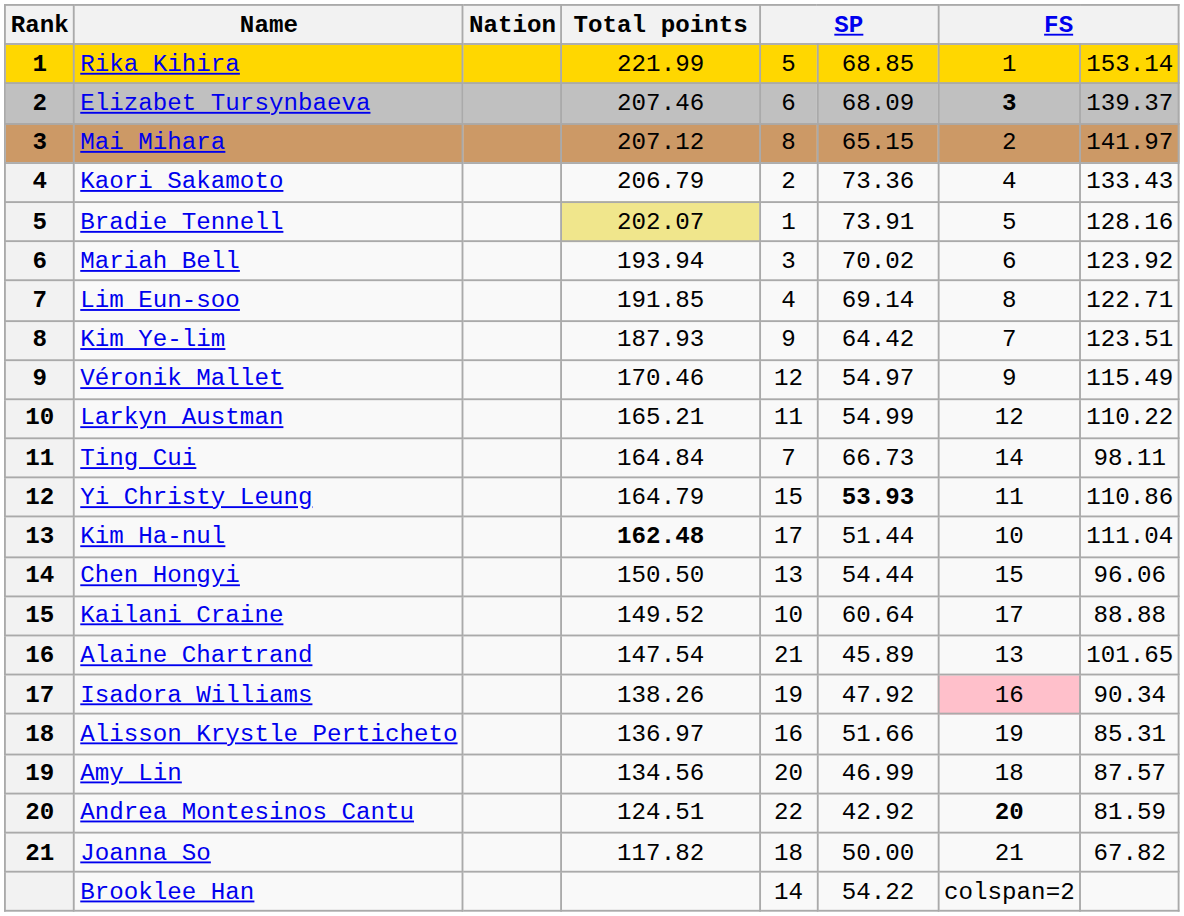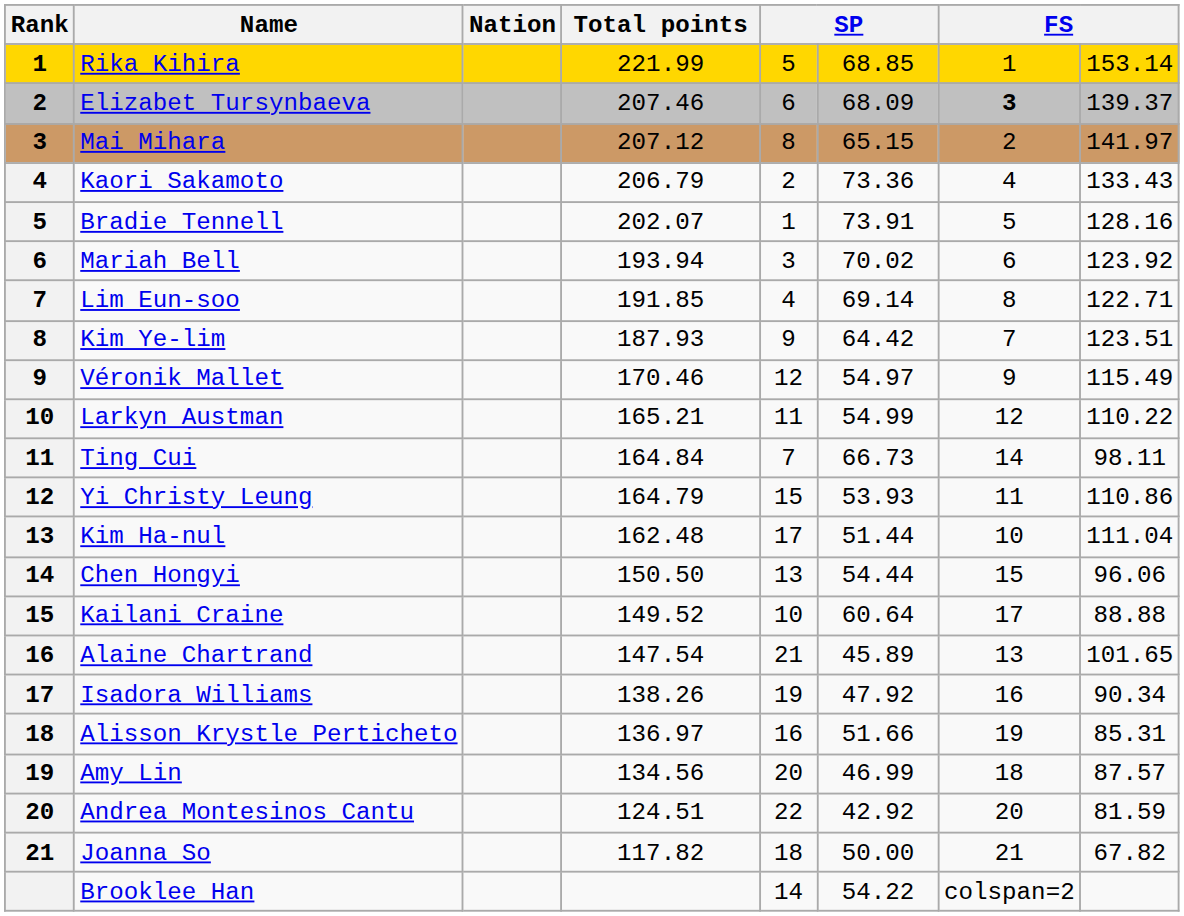 <table class="wikitable sortable">
 <tr>
 <th>Rank</th>
 <th>Name</th>
 <th>Nation</th>
 <th width="100px">Total points</th>
 <th colspan="2" width="90px"><a href='#'>SP</a></th>
 <th colspan="2" width="90px"><a href='#'>FS</a></th>
 </tr>
 <tr bgcolor="gold">
 <td align="center" bgcolor="gold"><strong>1</strong></td>
 <td><a href='#'>Rika Kihira</a></td>
 <td></td>
 <td align="center">221.99</td>
 <td align="center">5</td>
 <td align="center">68.85</td>
 <td align="center">1</td>
 <td align="center">153.14</td>
 </tr>
 <tr bgcolor="silver">
 <td align="center" bgcolor="silver"><strong>2</strong></td>
 <td><a href='#'>Elizabet Tursynbaeva</a></td>
 <td></td>
 <td align="center">207.46</td>
 <td align="center">6</td>
 <td align="center">68.09</td>
 <td align="center"><strong>3</strong></td>
 <td align="center">139.37</td>
 </tr>
 <tr bgcolor="#cc9966">
 <td align="center" bgcolor="#cc9966"><strong>3</strong></td>
 <td><a href='#'>Mai Mihara</a></td>
 <td></td>
 <td align="center">207.12</td>
 <td align="center">8</td>
 <td align="center">65.15</td>
 <td align="center">2</td>
 <td align="center">141.97</td>
 </tr>
 <tr>
 <th>4</th>
 <td><a href='#'>Kaori Sakamoto</a></td>
 <td></td>
 <td align="center">206.79</td>
 <td align="center">2</td>
 <td align="center">73.36</td>
 <td align="center">4</td>
 <td align="center">133.43</td>
 </tr>
 <tr>
 <th>5</th>
 <td><a href='#'>Bradie Tennell</a></td>
 <td></td>
-<td align="center" style="background: khaki;">202.07</td>
+<td align="center">202.07</td>
 <td align="center">1</td>
 <td align="center">73.91</td>
 <td align="center">5</td>
 <td align="center">128.16</td>
 </tr>
 <tr>
 <th>6</th>
 <td><a href='#'>Mariah Bell</a></td>
 <td></td>
 <td align="center">193.94</td>
 <td align="center">3</td>
 <td align="center">70.02</td>
 <td align="center">6</td>
 <td align="center">123.92</td>
 </tr>
 <tr>
 <th>7</th>
 <td><a href='#'>Lim Eun-soo</a></td>
 <td></td>
 <td align="center">191.85</td>
 <td align="center">4</td>
 <td align="center">69.14</td>
 <td align="center">8</td>
 <td align="center">122.71</td>
 </tr>
 <tr>
 <th>8</th>
 <td><a href='#'>Kim Ye-lim</a></td>
 <td></td>
 <td align="center">187.93</td>
 <td align="center">9</td>
 <td align="center">64.42</td>
 <td align="center">7</td>
 <td align="center">123.51</td>
 </tr>
 <tr>
 <th>9</th>
 <td><a href='#'>Véronik Mallet</a></td>
 <td></td>
 <td align="center">170.46</td>
 <td align="center">12</td>
 <td align="center">54.97</td>
 <td align="center">9</td>
 <td align="center">115.49</td>
 </tr>
 <tr>
 <th>10</th>
 <td><a href='#'>Larkyn Austman</a></td>
 <td></td>
 <td align="center">165.21</td>
 <td align="center">11</td>
 <td align="center">54.99</td>
 <td align="center">12</td>
 <td align="center">110.22</td>
 </tr>
 <tr>
 <th>11</th>
 <td><a href='#'>Ting Cui</a></td>
 <td></td>
 <td align="center">164.84</td>
 <td align="center">7</td>
 <td align="center">66.73</td>
 <td align="center">14</td>
 <td align="center">98.11</td>
 </tr>
 <tr>
 <th>12</th>
 <td><a href='#'>Yi Christy Leung</a></td>
 <td></td>
 <td align="center">164.79</td>
 <td align="center">15</td>
-<td align="center"><strong>53.93</strong></td>
+<td align="center">53.93</td>
 <td align="center">11</td>
 <td align="center">110.86</td>
 </tr>
 <tr>
 <th>13</th>
 <td><a href='#'>Kim Ha-nul</a></td>
 <td></td>
-<td align="center"><strong>162.48</strong></td>
+<td align="center">162.48</td>
 <td align="center">17</td>
 <td align="center">51.44</td>
 <td align="center">10</td>
 <td align="center">111.04</td>
 </tr>
 <tr>
 <th>14</th>
 <td><a href='#'>Chen Hongyi</a></td>
 <td></td>
 <td align="center">150.50</td>
 <td align="center">13</td>
 <td align="center">54.44</td>
 <td align="center">15</td>
 <td align="center">96.06</td>
 </tr>
 <tr>
 <th>15</th>
 <td><a href='#'>Kailani Craine</a></td>
 <td></td>
 <td align="center">149.52</td>
 <td align="center">10</td>
 <td align="center">60.64</td>
 <td align="center">17</td>
 <td align="center">88.88</td>
 </tr>
 <tr>
 <th>16</th>
 <td><a href='#'>Alaine Chartrand</a></td>
 <td></td>
 <td align="center">147.54</td>
 <td align="center">21</td>
 <td align="center">45.89</td>
 <td align="center">13</td>
 <td align="center">101.65</td>
 </tr>
 <tr>
 <th>17</th>
 <td><a href='#'>Isadora Williams</a></td>
 <td></td>
 <td align="center">138.26</td>
 <td align="center">19</td>
 <td align="center">47.92</td>
-<td align="center" style="background: pink;">16</td>
+<td align="center">16</td>
 <td align="center">90.34</td>
 </tr>
 <tr>
 <th>18</th>
 <td><a href='#'>Alisson Krystle Perticheto</a></td>
 <td></td>
 <td align="center">136.97</td>
 <td align="center">16</td>
 <td align="center">51.66</td>
 <td align="center">19</td>
 <td align="center">85.31</td>
 </tr>
 <tr>
 <th>19</th>
 <td><a href='#'>Amy Lin</a></td>
 <td></td>
 <td align="center">134.56</td>
 <td align="center">20</td>
 <td align="center">46.99</td>
 <td align="center">18</td>
 <td align="center">87.57</td>
 </tr>
 <tr>
 <th>20</th>
 <td><a href='#'>Andrea Montesinos Cantu</a></td>
 <td></td>
 <td align="center">124.51</td>
 <td align="center">22</td>
 <td align="center">42.92</td>
-<td align="center"><strong>20</strong></td>
+<td align="center">20</td>
 <td align="center">81.59</td>
 </tr>
 <tr>
 <th>21</th>
 <td><a href='#'>Joanna So</a></td>
 <td></td>
 <td align="center">117.82</td>
 <td align="center">18</td>
 <td align="center">50.00</td>
 <td align="center">21</td>
 <td align="center">67.82</td>
 </tr>
 <tr>
 <th></th>
 <td><a href='#'>Brooklee Han</a></td>
 <td></td>
 <td></td>
 <td align="center">14</td>
 <td align="center">54.22</td>
 <td>colspan=2 </td>
 </tr>
 </table>
